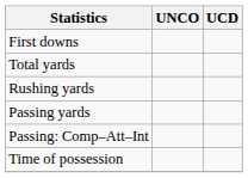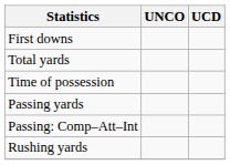 <table class="wikitable" style="float: left;">
 <tr>
 <th>Statistics</th>
 <th>UNCO</th>
 <th>UCD</th>
 </tr>
 <tr>
 <td>First downs</td>
 <td></td>
 <td></td>
 </tr>
 <tr>
 <td>Total yards</td>
 <td></td>
 <td></td>
 </tr>
 <tr>
-<td>Rushing yards</td>
+<td>Time of possession</td>
 <td></td>
 <td></td>
 </tr>
 <tr>
 <td>Passing yards</td>
 <td></td>
 <td></td>
 </tr>
 <tr>
 <td>Passing: Comp–Att–Int</td>
 <td></td>
 <td></td>
 </tr>
 <tr>
-<td>Time of possession</td>
+<td>Rushing yards</td>
 <td></td>
 <td></td>
 </tr>
 <tr>
 </tr>
 </table>
